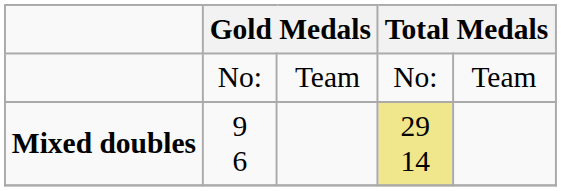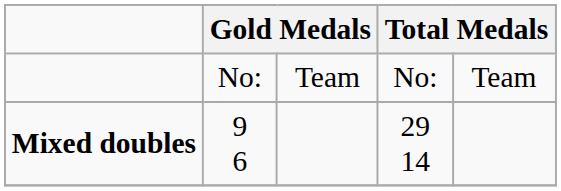 <table class="wikitable" style="text-align: center; font-size:95%;">
 <tr>
 <td></td>
 <th colspan=2>Gold Medals</th>
 <th colspan=2>Total Medals</th>
 </tr>
 <tr>
 <td></td>
 <td>No:</td>
 <td>Team</td>
 <td>No:</td>
 <td>Team</td>
 </tr>
 <tr>
 </tr>
 <tr>
 <td><strong>Mixed doubles</strong></td>
 <td>9 <br> 6</td>
 <td align="left"> <br> </td>
-<td style="background: khaki;">29 <br> 14</td>
+<td>29 <br> 14</td>
 <td align="left"> <br> </td>
 </tr>
 <tr>
 </tr>
 </table>
